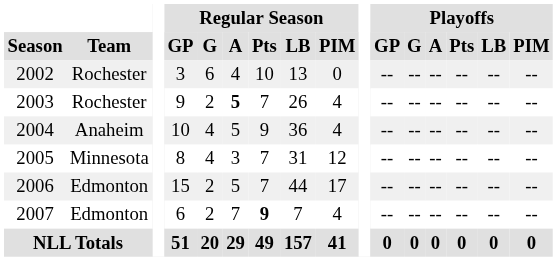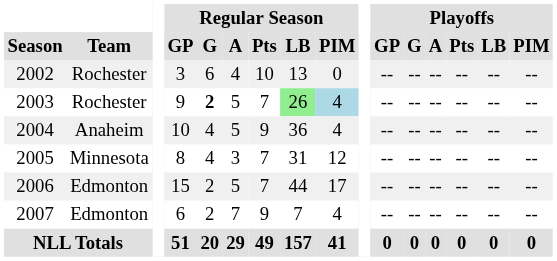 <table BORDER="0" CELLPADDING="3" CELLSPACING="0">
 <tr ALIGN="center" bgcolor="#e0e0e0">
 <th colspan="2" bgcolor="#ffffff"> </th>
 <th rowspan="99" bgcolor="#ffffff"> </th>
 <th colspan="6">Regular Season</th>
 <th rowspan="99" bgcolor="#ffffff"> </th>
 <th colspan="6">Playoffs</th>
 </tr>
 <tr ALIGN="center" bgcolor="#e0e0e0">
 <th>Season</th>
 <th>Team</th>
 <th>GP</th>
 <th>G</th>
 <th>A</th>
 <th>Pts</th>
 <th>LB</th>
 <th>PIM</th>
 <th>GP</th>
 <th>G</th>
 <th>A</th>
 <th>Pts</th>
 <th>LB</th>
 <th>PIM</th>
 </tr>
 <tr ALIGN="center" bgcolor="#f0f0f0">
 <td>2002</td>
 <td>Rochester</td>
 <td>3</td>
 <td>6</td>
 <td>4</td>
 <td>10</td>
 <td>13</td>
 <td>0</td>
 <td>--</td>
 <td>--</td>
 <td>--</td>
 <td>--</td>
 <td>--</td>
 <td>--</td>
 </tr>
 <tr ALIGN="center">
 <td>2003</td>
 <td>Rochester</td>
 <td>9</td>
-<td>2</td>
-<td><strong>5</strong></td>
+<td><strong>2</strong></td>
+<td>5</td>
 <td>7</td>
-<td>26</td>
-<td>4</td>
+<td style="background: lightgreen;">26</td>
+<td style="background: lightblue;">4</td>
 <td>--</td>
 <td>--</td>
 <td>--</td>
 <td>--</td>
 <td>--</td>
 <td>--</td>
 </tr>
 <tr ALIGN="center" bgcolor="#f0f0f0">
 <td>2004</td>
 <td>Anaheim</td>
 <td>10</td>
 <td>4</td>
 <td>5</td>
 <td>9</td>
 <td>36</td>
 <td>4</td>
 <td>--</td>
 <td>--</td>
 <td>--</td>
 <td>--</td>
 <td>--</td>
 <td>--</td>
 </tr>
 <tr ALIGN="center">
 <td>2005</td>
 <td>Minnesota</td>
 <td>8</td>
 <td>4</td>
 <td>3</td>
 <td>7</td>
 <td>31</td>
 <td>12</td>
 <td>--</td>
 <td>--</td>
 <td>--</td>
 <td>--</td>
 <td>--</td>
 <td>--</td>
 </tr>
 <tr ALIGN="center" bgcolor="#f0f0f0">
 <td>2006</td>
 <td>Edmonton</td>
 <td>15</td>
 <td>2</td>
 <td>5</td>
 <td>7</td>
 <td>44</td>
 <td>17</td>
 <td>--</td>
 <td>--</td>
 <td>--</td>
 <td>--</td>
 <td>--</td>
 <td>--</td>
 </tr>
 <tr ALIGN="center">
 <td>2007</td>
 <td>Edmonton</td>
 <td>6</td>
 <td>2</td>
 <td>7</td>
-<td><strong>9</strong></td>
+<td>9</td>
 <td>7</td>
 <td>4</td>
 <td>--</td>
 <td>--</td>
 <td>--</td>
 <td>--</td>
 <td>--</td>
 <td>--</td>
 </tr>
 <tr ALIGN="center" bgcolor="#e0e0e0">
 <th colspan="2">NLL Totals</th>
 <th>51</th>
 <th>20</th>
 <th>29</th>
 <th>49</th>
 <th>157</th>
 <th>41</th>
 <th>0</th>
 <th>0</th>
 <th>0</th>
 <th>0</th>
 <th>0</th>
 <th>0</th>
 </tr>
 </table>
